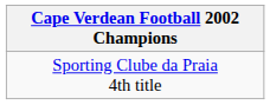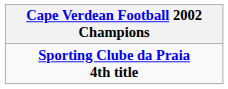 <table class="wikitable" style="margin: 0 auto; width: 240px;">
 <tr>
 <th><a href='#'>Cape Verdean Football</a> 2002<br>Champions</th>
 </tr>
 <tr>
-<td align=center><a href='#'>Sporting Clube da Praia</a><br>4th title</td>
+<td align=center><strong><a href='#'>Sporting Clube da Praia</a><br>4th title</strong></td>
 </tr>
 </table>
